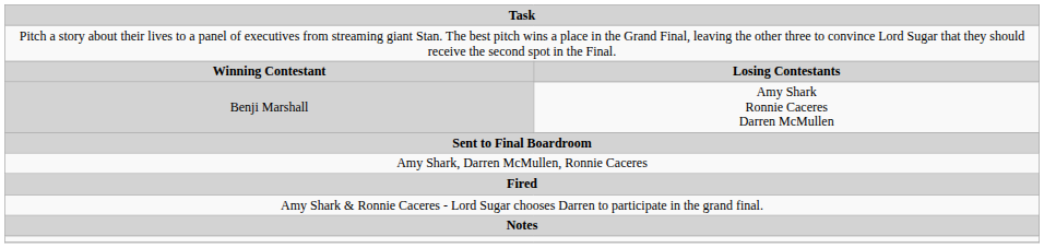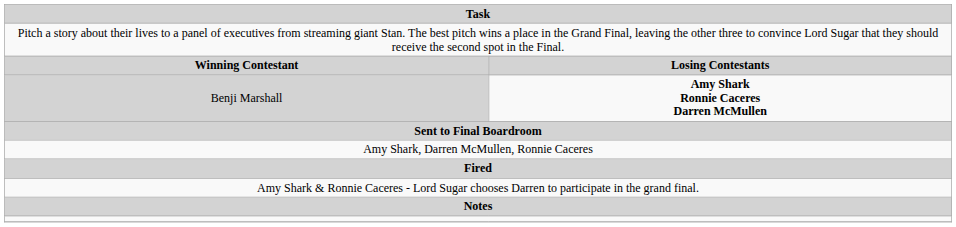 <table class="wikitable" style="text-align: center; width:100%">
 <tr>
 <th colspan="2" style="text-align:center; background:lightgrey;">Task</th>
 </tr>
 <tr>
 <td colspan="2">Pitch a story about their lives to a panel of executives from streaming giant Stan. The best pitch wins a place in the Grand Final, leaving the other three to convince Lord Sugar that they should receive the second spot in the Final.</td>
 </tr>
 <tr>
 <th style="text-align:center; background:lightgrey;">Winning Contestant</th>
 <th style="text-align:center; background:lightgrey;">Losing Contestants</th>
 </tr>
 <tr>
 <td style="background: lightgrey;">Benji Marshall</td>
-<td>Amy Shark<br>Ronnie Caceres<br>Darren McMullen</td>
+<td><strong>Amy Shark<br>Ronnie Caceres<br>Darren McMullen</strong></td>
 </tr>
 <tr>
 <th colspan="2" style="text-align:center; background:lightgrey;">Sent to Final Boardroom</th>
 </tr>
 <tr>
 <td colspan="2">Amy Shark, Darren McMullen, Ronnie Caceres</td>
 </tr>
 <tr>
 <th colspan="2" style="text-align:center; background:lightgrey;">Fired</th>
 </tr>
 <tr>
 <td colspan="2">Amy Shark & Ronnie Caceres - Lord Sugar chooses Darren to participate in the grand final.</td>
 </tr>
 <tr>
 <th colspan="2" style="text-align:center; background:lightgrey;">Notes</th>
 </tr>
 <tr>
 <td colspan="2"></td>
 </tr>
 <tr>
 </tr>
 </table>
